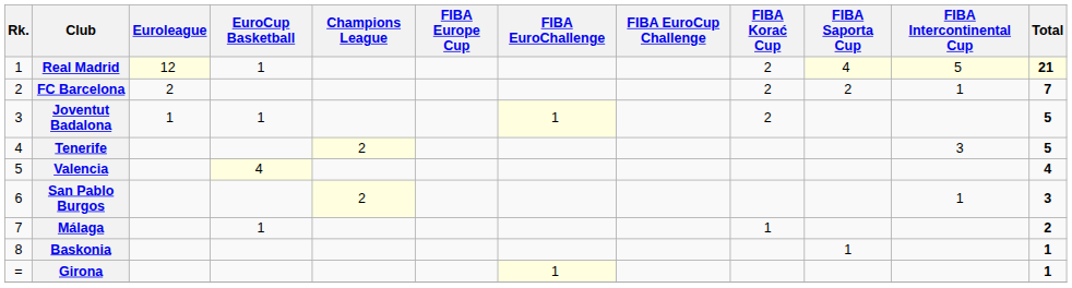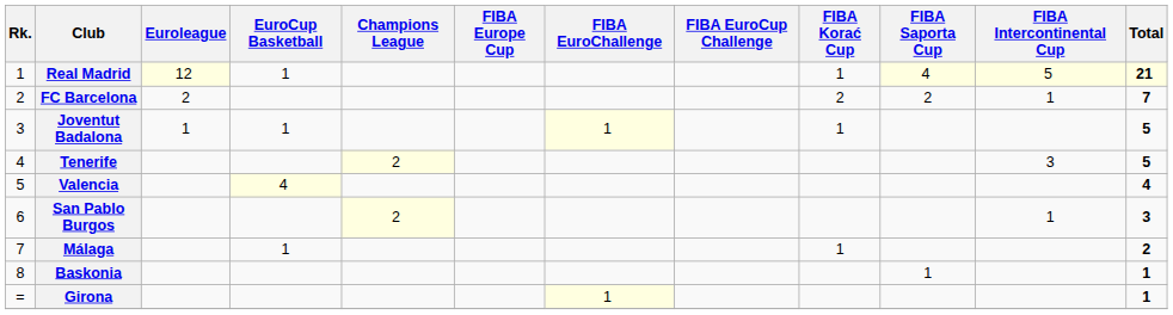 <table class="sortable plainrowheaders wikitable">
 <tr>
 <th scope="col">Rk.</th>
 <th scope="col">Club</th>
 <th scope="col"><a href='#'>Euroleague</a></th>
 <th scope="col"><a href='#'>EuroCup Basketball</a></th>
 <th scope="col"><a href='#'>Champions League</a></th>
 <th scope="col"><a href='#'>FIBA Europe Cup</a></th>
 <th scope="col"><a href='#'>FIBA EuroChallenge</a></th>
 <th scope="col"><a href='#'>FIBA EuroCup Challenge</a></th>
 <th scope="col"><a href='#'>FIBA Korać Cup</a></th>
 <th scope="col"><a href='#'>FIBA Saporta Cup</a></th>
 <th scope="col"><a href='#'>FIBA Intercontinental Cup</a></th>
 <th scope="col">Total</th>
 </tr>
 <tr>
 <td align=center>1</td>
 <th scope="row" align="left"> <a href='#'>Real Madrid</a></th>
 <td style="text-align:center; background:#ffffe0;">12 </td>
 <td align=center>1</td>
 <td align=center></td>
 <td align=center></td>
 <td align=center></td>
 <td align=center></td>
-<td align=center>2</td>
+<td align=center>1</td>
 <td style="text-align:center; background:#ffffe0;">4 </td>
 <td style="text-align:center; background:#ffffe0;">5 </td>
 <td style="text-align:center; background:#ffffe0;"><strong>21</strong> </td>
 </tr>
 <tr>
 <td align=center>2</td>
 <th scope="row" align="left"> <a href='#'>FC Barcelona</a></th>
 <td align=center>2</td>
 <td align=center></td>
 <td align=center></td>
 <td align=center></td>
 <td align=center></td>
 <td align=center></td>
 <td align=center>2</td>
 <td align=center>2</td>
 <td align=center>1</td>
 <td align=center><strong>7</strong></td>
 </tr>
 <tr>
 <td align=center>3</td>
 <th scope="row" align="left"> <a href='#'>Joventut Badalona</a></th>
 <td align=center>1</td>
 <td align=center>1</td>
 <td align=center></td>
 <td align=center></td>
 <td style="text-align:center; background:#ffffe0;">1 </td>
 <td align=center></td>
-<td align=center>2</td>
+<td align=center>1</td>
 <td align=center></td>
 <td align=center></td>
 <td align=center><strong>5</strong></td>
 </tr>
 <tr>
 <td align=center>4</td>
 <th scope="row" align="left"> <a href='#'>Tenerife</a></th>
 <td align=center></td>
 <td align=center></td>
 <td style="text-align:center; background:#ffffe0;">2 </td>
 <td align=center></td>
 <td align=center></td>
 <td align=center></td>
 <td align=center></td>
 <td align=center></td>
 <td align=center>3</td>
 <td align=center><strong>5</strong></td>
 </tr>
 <tr>
 <td align=center>5</td>
 <th scope="row" align="left"> <a href='#'>Valencia</a></th>
 <td align=center></td>
 <td style="text-align:center; background:#ffffe0;">4 </td>
 <td align=center></td>
 <td align=center></td>
 <td align=center></td>
 <td align=center></td>
 <td align=center></td>
 <td align=center></td>
 <td align=center></td>
 <td align=center><strong>4</strong></td>
 </tr>
 <tr>
 <td align=center>6</td>
 <th scope="row" align="left"> <a href='#'>San Pablo Burgos</a></th>
 <td align=center></td>
 <td align=center></td>
 <td style="text-align:center; background:#ffffe0;">2 </td>
 <td align=center></td>
 <td align=center></td>
 <td align=center></td>
 <td align=center></td>
 <td align=center></td>
 <td align=center>1</td>
 <td align=center><strong>3</strong></td>
 </tr>
 <tr>
 <td align=center>7</td>
 <th scope="row" align="left"> <a href='#'>Málaga</a></th>
 <td align=center></td>
 <td align=center>1</td>
 <td align=center></td>
 <td align=center></td>
 <td align=center></td>
 <td align=center></td>
 <td align=center>1</td>
 <td align=center></td>
 <td align=center></td>
 <td align=center><strong>2</strong></td>
 </tr>
 <tr>
 <td align=center>8</td>
 <th scope="row" align="left"> <a href='#'>Baskonia</a></th>
 <td align=center></td>
 <td align=center></td>
 <td align=center></td>
 <td align=center></td>
 <td align=center></td>
 <td align=center></td>
 <td align=center></td>
 <td align=center>1</td>
 <td align=center></td>
 <td align=center><strong>1</strong></td>
 </tr>
 <tr>
 <td align=center>=</td>
 <th scope="row" align="left"> <a href='#'>Girona</a></th>
 <td align=center></td>
 <td align=center></td>
 <td align=center></td>
 <td align=center></td>
 <td style="text-align:center; background:#ffffe0;">1 </td>
 <td align=center></td>
 <td align=center></td>
 <td align=center></td>
 <td align=center></td>
 <td align=center><strong>1</strong></td>
 </tr>
 <tr>
 </tr>
 </table>
